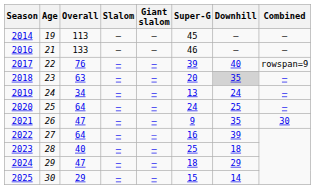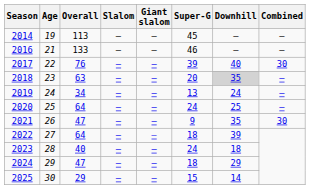 <table class=wikitable style="text-align:center">
 <tr>
 <th>Season</th>
 <th>Age</th>
 <th>Overall</th>
 <th>Slalom</th>
 <th>Giant<br>slalom</th>
 <th>Super-G</th>
 <th>Downhill</th>
 <th>Combined</th>
 </tr>
 <tr>
 <td><a href='#'>2014</a></td>
 <td><em>19</em></td>
 <td>113</td>
 <td>—</td>
 <td>—</td>
 <td>45</td>
 <td>—</td>
 <td>—</td>
 </tr>
 <tr>
 <td><a href='#'>2016</a></td>
 <td><em>21</em></td>
 <td>133</td>
 <td>—</td>
 <td>—</td>
 <td>46</td>
 <td>—</td>
 <td>—</td>
 </tr>
 <tr>
 <td><a href='#'>2017</a></td>
 <td><em>22</em></td>
 <td><a href='#'>76</a></td>
 <td><a href='#'>—</a></td>
 <td><a href='#'>—</a></td>
 <td><a href='#'>39</a></td>
 <td><a href='#'>40</a></td>
-<td>rowspan=9 </td>
+<td><a href='#'>30</a></td>
 </tr>
 <tr>
 <td><a href='#'>2018</a></td>
 <td><em>23</em></td>
 <td><a href='#'>63</a></td>
 <td><a href='#'>—</a></td>
 <td><a href='#'>—</a></td>
 <td><a href='#'>20</a></td>
 <td style="background: lightgrey;"><a href='#'>35</a></td>
 <td><a href='#'>—</a></td>
 </tr>
 <tr>
 <td><a href='#'>2019</a></td>
 <td><em>24</em></td>
 <td><a href='#'>34</a></td>
 <td><a href='#'>—</a></td>
 <td><a href='#'>—</a></td>
 <td><a href='#'>13</a></td>
 <td><a href='#'>24</a></td>
 <td><a href='#'>—</a></td>
 </tr>
 <tr>
 <td><a href='#'>2020</a></td>
 <td><em>25</em></td>
 <td><a href='#'>64</a></td>
 <td><a href='#'>—</a></td>
 <td><a href='#'>—</a></td>
 <td><a href='#'>24</a></td>
 <td><a href='#'>25</a></td>
 <td><a href='#'>—</a></td>
 </tr>
 <tr>
 <td><a href='#'>2021</a></td>
 <td><em>26</em></td>
 <td><a href='#'>47</a></td>
 <td><a href='#'>—</a></td>
 <td><a href='#'>—</a></td>
 <td><a href='#'>9</a></td>
 <td><a href='#'>35</a></td>
 <td><a href='#'>30</a></td>
 </tr>
 <tr>
 <td><a href='#'>2022</a></td>
 <td><em>27</em></td>
 <td><a href='#'>64</a></td>
 <td><a href='#'>—</a></td>
 <td><em><a href='#'>—</a></em></td>
-<td><a href='#'>16</a></td>
+<td><a href='#'>18</a></td>
 <td><a href='#'>39</a></td>
 </tr>
 <tr>
 <td><a href='#'>2023</a></td>
 <td><em>28</em></td>
 <td><a href='#'>40</a></td>
 <td><a href='#'>—</a></td>
 <td><a href='#'>—</a></td>
-<td><a href='#'>25</a></td>
+<td><a href='#'>24</a></td>
 <td><a href='#'>18</a></td>
 </tr>
 <tr>
 <td><a href='#'>2024</a></td>
 <td><em>29</em></td>
 <td><a href='#'>47</a></td>
 <td><a href='#'>—</a></td>
 <td><a href='#'>—</a></td>
 <td><a href='#'>18</a></td>
 <td><a href='#'>29</a></td>
 </tr>
 <tr>
 <td><a href='#'>2025</a></td>
 <td><em>30</em></td>
 <td><a href='#'>29</a></td>
 <td><a href='#'>—</a></td>
 <td><a href='#'>—</a></td>
 <td><a href='#'>15</a></td>
 <td><a href='#'>14</a></td>
 </tr>
 </table>
